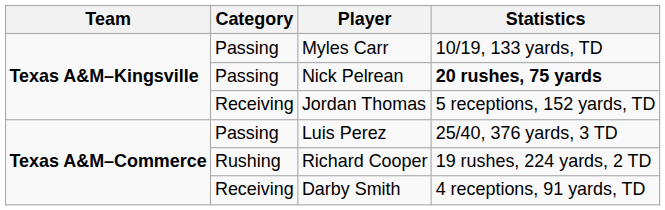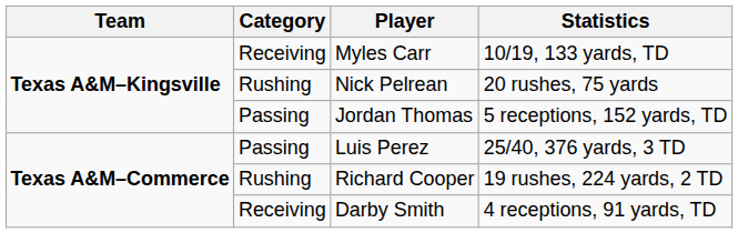 <table class="wikitable" style="float: right;">
 <tr>
 <th>Team</th>
 <th>Category</th>
 <th>Player</th>
 <th>Statistics</th>
 </tr>
 <tr>
 <td rowspan=3><strong>Texas A&M–Kingsville</strong></td>
-<td>Passing</td>
+<td>Receiving</td>
 <td>Myles Carr</td>
 <td>10/19, 133 yards, TD</td>
 </tr>
 <tr>
-<td>Passing</td>
+<td>Rushing</td>
 <td>Nick Pelrean</td>
-<td><strong>20 rushes, 75 yards</strong></td>
+<td>20 rushes, 75 yards</td>
 </tr>
 <tr>
-<td>Receiving</td>
+<td>Passing</td>
 <td>Jordan Thomas</td>
 <td>5 receptions, 152 yards, TD</td>
 </tr>
 <tr>
 <td rowspan=3><strong>Texas A&M–Commerce</strong></td>
 <td>Passing</td>
 <td>Luis Perez</td>
 <td>25/40, 376 yards, 3 TD</td>
 </tr>
 <tr>
 <td>Rushing</td>
 <td>Richard Cooper</td>
 <td>19 rushes, 224 yards, 2 TD</td>
 </tr>
 <tr>
 <td>Receiving</td>
 <td>Darby Smith</td>
 <td>4 receptions, 91 yards, TD</td>
 </tr>
 </table>
